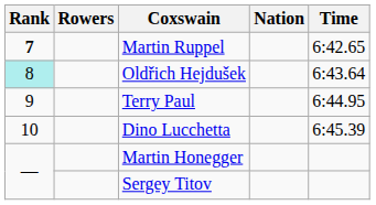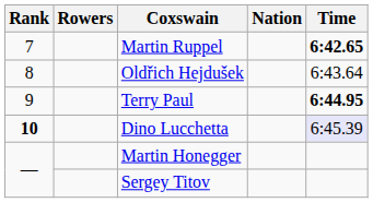 <table class="wikitable sortable" style="text-align:center">
 <tr>
 <th>Rank</th>
 <th>Rowers</th>
 <th>Coxswain</th>
 <th>Nation</th>
 <th>Time</th>
 </tr>
 <tr>
-<td><strong>7</strong></td>
+<td>7</td>
 <td align=left data-sort-value="Baar, Roland"></td>
 <td align=left data-sort-value="Ruppel, Martin"><a href='#'>Martin Ruppel</a></td>
 <td align=left></td>
-<td>6:42.65</td>
+<td><strong>6:42.65</strong></td>
 </tr>
 <tr>
-<td style="background: paleturquoise;">8</td>
+<td>8</td>
 <td align=left data-sort-value="Doleček, Milan"></td>
 <td align=left data-sort-value="Hejdušek, Oldřich"><a href='#'>Oldřich Hejdušek</a></td>
 <td align=left></td>
 <td>6:43.64</td>
 </tr>
 <tr>
 <td>9</td>
 <td align=left data-sort-value="Backer, Harold"></td>
 <td align=left data-sort-value="Paul, Terry"><a href='#'>Terry Paul</a></td>
 <td align=left></td>
-<td>6:44.95</td>
+<td><strong>6:44.95</strong></td>
 </tr>
 <tr>
-<td>10</td>
+<td><strong>10</strong></td>
 <td align=left data-sort-value="Carando, Giuseppe"></td>
 <td align=left data-sort-value="Lucchetta, Dino"><a href='#'>Dino Lucchetta</a></td>
 <td align=left></td>
-<td>6:45.39</td>
+<td style="background: lavender;">6:45.39</td>
 </tr>
 <tr>
 <td rowspan=2 data-sort-value=11>—</td>
 <td align=left data-sort-value="Hotz, Marcel"></td>
 <td align=left data-sort-value="Honegger, Martin"><a href='#'>Martin Honegger</a></td>
 <td align=left></td>
 <td></td>
 </tr>
 <tr>
 <td align=left data-sort-value="Kučinskas, Sigitas"></td>
 <td align=left data-sort-value="Titov, Sergey"><a href='#'>Sergey Titov</a></td>
 <td align=left></td>
 <td></td>
 </tr>
 </table>
